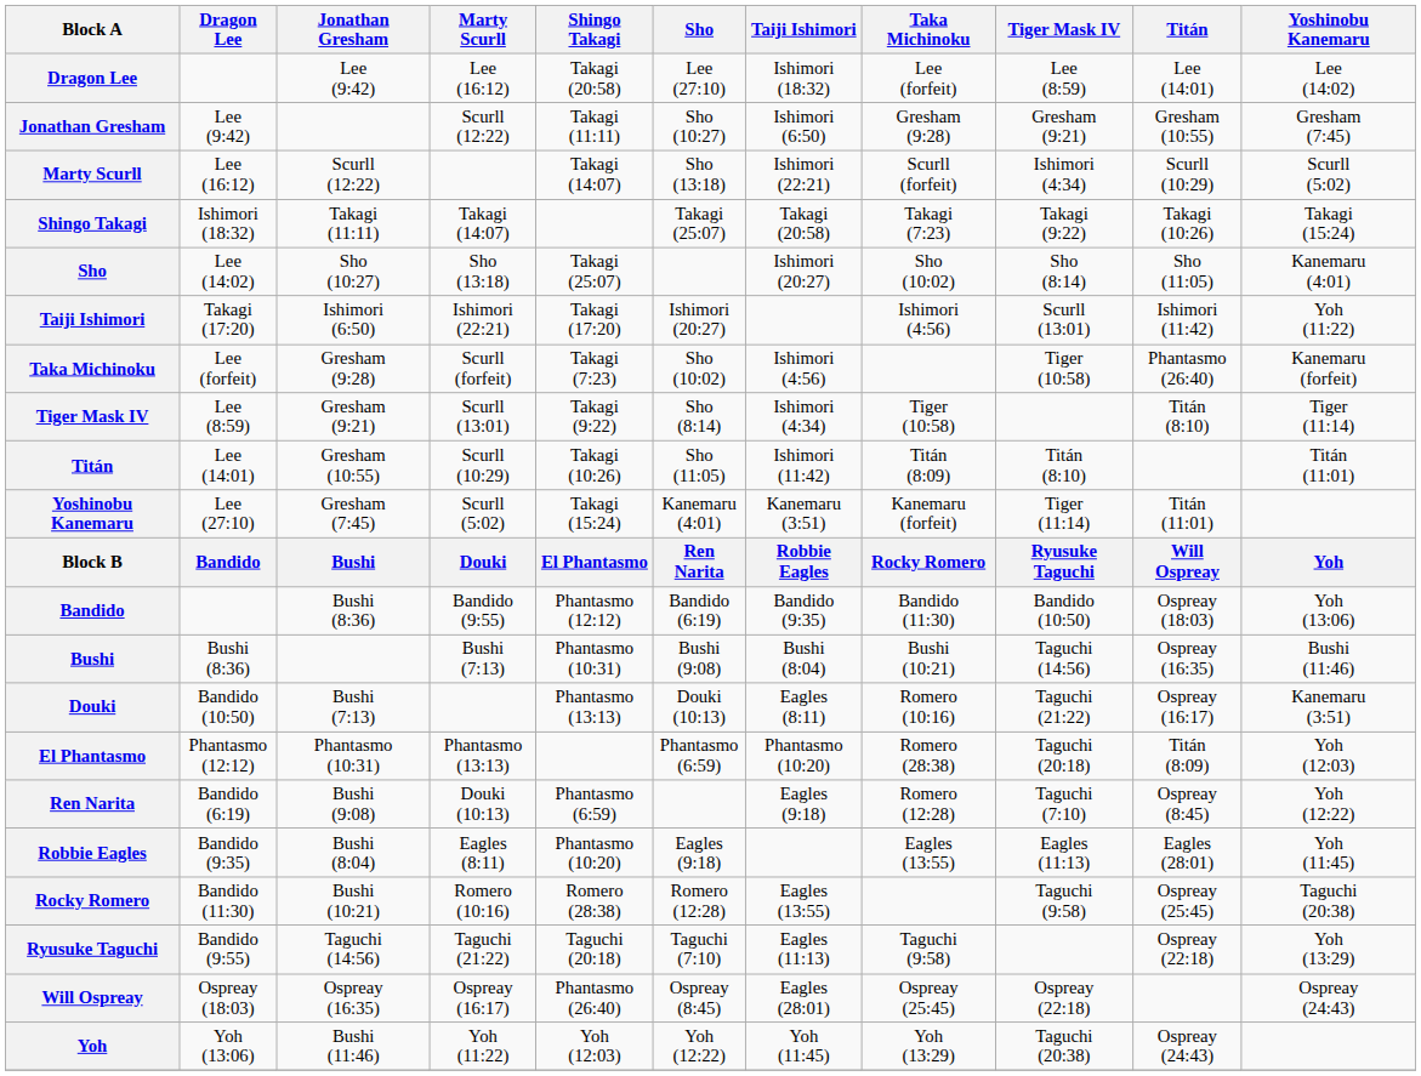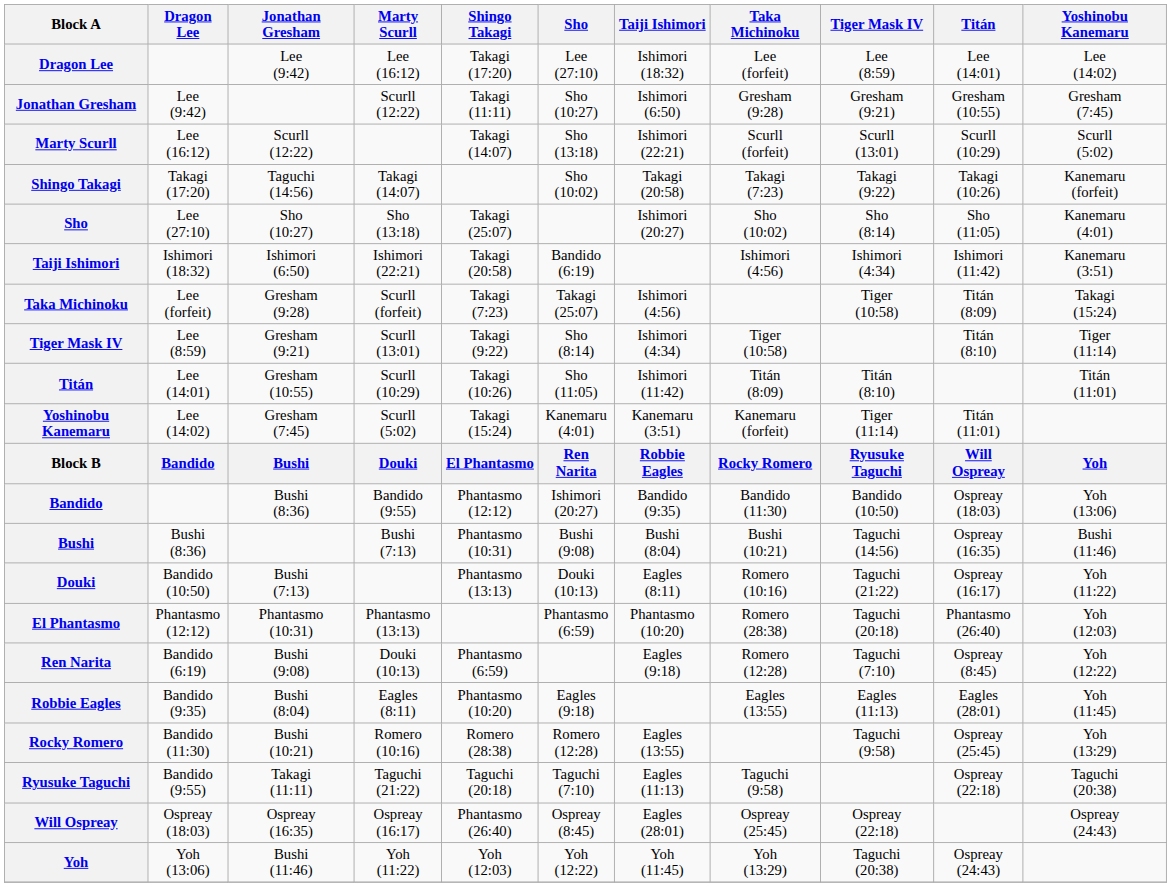 <table class="wikitable" style="margin: 1em auto 1em auto">
 <tr align="center">
 <th>Block A</th>
 <th><a href='#'>Dragon Lee</a></th>
 <th><a href='#'>Jonathan Gresham</a></th>
 <th><a href='#'>Marty Scurll</a></th>
 <th><a href='#'>Shingo Takagi</a></th>
 <th><a href='#'>Sho</a></th>
 <th><a href='#'>Taiji Ishimori</a></th>
 <th><a href='#'>Taka Michinoku</a></th>
 <th><a href='#'>Tiger Mask IV</a></th>
 <th><a href='#'>Titán</a></th>
 <th><a href='#'>Yoshinobu Kanemaru</a></th>
 </tr>
 <tr align="center">
 <th><a href='#'>Dragon Lee</a></th>
 <td></td>
 <td>Lee<br>(9:42)</td>
 <td>Lee<br>(16:12)</td>
-<td>Takagi<br>(20:58)</td>
+<td>Takagi<br>(17:20)</td>
 <td>Lee<br>(27:10)</td>
 <td>Ishimori<br>(18:32)</td>
 <td>Lee<br>(forfeit)</td>
 <td>Lee<br>(8:59)</td>
 <td>Lee<br>(14:01)</td>
 <td>Lee<br>(14:02)</td>
 </tr>
 <tr align="center">
 <th><a href='#'>Jonathan Gresham</a></th>
 <td>Lee<br>(9:42)</td>
 <td></td>
 <td>Scurll<br>(12:22)</td>
 <td>Takagi<br>(11:11)</td>
 <td>Sho<br>(10:27)</td>
 <td>Ishimori<br>(6:50)</td>
 <td>Gresham<br>(9:28)</td>
 <td>Gresham<br>(9:21)</td>
 <td>Gresham<br>(10:55)</td>
 <td>Gresham<br>(7:45)</td>
 </tr>
 <tr align="center">
 <th><a href='#'>Marty Scurll</a></th>
 <td>Lee<br>(16:12)</td>
 <td>Scurll<br>(12:22)</td>
 <td></td>
 <td>Takagi<br>(14:07)</td>
 <td>Sho<br>(13:18)</td>
 <td>Ishimori<br>(22:21)</td>
 <td>Scurll<br>(forfeit) </td>
-<td>Ishimori<br>(4:34)</td>
+<td>Scurll<br>(13:01)</td>
 <td>Scurll<br>(10:29)</td>
 <td>Scurll<br>(5:02)</td>
 </tr>
 <tr align="center">
 <th><a href='#'>Shingo Takagi</a></th>
-<td>Ishimori<br>(18:32)</td>
-<td>Takagi<br>(11:11)</td>
+<td>Takagi<br>(17:20)</td>
+<td>Taguchi<br>(14:56)</td>
 <td>Takagi<br>(14:07)</td>
 <td></td>
-<td>Takagi<br>(25:07)</td>
+<td>Sho<br>(10:02)</td>
 <td>Takagi<br>(20:58)</td>
 <td>Takagi<br>(7:23)</td>
 <td>Takagi<br>(9:22)</td>
 <td>Takagi<br>(10:26)</td>
-<td>Takagi<br>(15:24)</td>
+<td>Kanemaru<br>(forfeit) </td>
 </tr>
 <tr align="center">
 <th><a href='#'>Sho</a></th>
-<td>Lee<br>(14:02)</td>
+<td>Lee<br>(27:10)</td>
 <td>Sho<br>(10:27)</td>
 <td>Sho<br>(13:18)</td>
 <td>Takagi<br>(25:07)</td>
 <td></td>
 <td>Ishimori<br>(20:27)</td>
 <td>Sho<br>(10:02)</td>
 <td>Sho<br>(8:14)</td>
 <td>Sho<br>(11:05)</td>
 <td>Kanemaru<br>(4:01)</td>
 </tr>
 <tr align="center">
 <th><a href='#'>Taiji Ishimori</a></th>
-<td>Takagi<br>(17:20)</td>
+<td>Ishimori<br>(18:32)</td>
 <td>Ishimori<br>(6:50)</td>
 <td>Ishimori<br>(22:21)</td>
-<td>Takagi<br>(17:20)</td>
-<td>Ishimori<br>(20:27)</td>
+<td>Takagi<br>(20:58)</td>
+<td>Bandido<br>(6:19)</td>
 <td></td>
 <td>Ishimori<br>(4:56)</td>
-<td>Scurll<br>(13:01)</td>
+<td>Ishimori<br>(4:34)</td>
 <td>Ishimori<br>(11:42)</td>
-<td>Yoh<br>(11:22)</td>
+<td>Kanemaru<br>(3:51)</td>
 </tr>
 <tr align="center">
 <th><a href='#'>Taka Michinoku</a></th>
 <td>Lee<br>(forfeit)</td>
 <td>Gresham<br>(9:28)</td>
 <td>Scurll<br>(forfeit)</td>
 <td>Takagi<br>(7:23)</td>
-<td>Sho<br>(10:02)</td>
+<td>Takagi<br>(25:07)</td>
 <td>Ishimori<br>(4:56)</td>
 <td></td>
 <td>Tiger<br>(10:58)</td>
-<td>Phantasmo<br>(26:40)</td>
-<td>Kanemaru<br>(forfeit) </td>
+<td>Titán<br>(8:09)</td>
+<td>Takagi<br>(15:24)</td>
 </tr>
 <tr align="center">
 <th><a href='#'>Tiger Mask IV</a></th>
 <td>Lee<br>(8:59)</td>
 <td>Gresham<br>(9:21)</td>
 <td>Scurll<br>(13:01)</td>
 <td>Takagi<br>(9:22)</td>
 <td>Sho<br>(8:14)</td>
 <td>Ishimori<br>(4:34)</td>
 <td>Tiger<br>(10:58)</td>
 <td></td>
 <td>Titán<br>(8:10)</td>
 <td>Tiger<br>(11:14)</td>
 </tr>
 <tr align="center">
 <th><a href='#'>Titán</a></th>
 <td>Lee<br>(14:01)</td>
 <td>Gresham<br>(10:55)</td>
 <td>Scurll<br>(10:29)</td>
 <td>Takagi<br>(10:26)</td>
 <td>Sho<br>(11:05)</td>
 <td>Ishimori<br>(11:42)</td>
 <td>Titán<br>(8:09)</td>
 <td>Titán<br>(8:10)</td>
 <td></td>
 <td>Titán<br>(11:01)</td>
 </tr>
 <tr align="center">
 <th><a href='#'>Yoshinobu Kanemaru</a></th>
-<td>Lee<br>(27:10)</td>
+<td>Lee<br>(14:02)</td>
 <td>Gresham<br>(7:45)</td>
 <td>Scurll<br>(5:02)</td>
 <td>Takagi<br>(15:24)</td>
 <td>Kanemaru<br>(4:01)</td>
 <td>Kanemaru<br>(3:51)</td>
 <td>Kanemaru<br>(forfeit) </td>
 <td>Tiger<br>(11:14)</td>
 <td>Titán<br>(11:01)</td>
 <td></td>
 </tr>
 <tr align="center">
 <th>Block B</th>
 <th><a href='#'>Bandido</a></th>
 <th><a href='#'>Bushi</a></th>
 <th><a href='#'>Douki</a></th>
 <th><a href='#'>El Phantasmo</a></th>
 <th><a href='#'>Ren Narita</a></th>
 <th><a href='#'>Robbie Eagles</a></th>
 <th><a href='#'>Rocky Romero</a></th>
 <th><a href='#'>Ryusuke Taguchi</a></th>
 <th><a href='#'>Will Ospreay</a></th>
 <th><a href='#'>Yoh</a></th>
 </tr>
 <tr align="center">
 <th><a href='#'>Bandido</a></th>
 <td></td>
 <td>Bushi<br>(8:36)</td>
 <td>Bandido<br>(9:55)</td>
 <td>Phantasmo<br>(12:12)</td>
-<td>Bandido<br>(6:19)</td>
+<td>Ishimori<br>(20:27)</td>
 <td>Bandido<br>(9:35)</td>
 <td>Bandido<br>(11:30)</td>
 <td>Bandido<br>(10:50)</td>
 <td>Ospreay<br>(18:03)</td>
 <td>Yoh<br>(13:06)</td>
 </tr>
 <tr align="center">
 <th><a href='#'>Bushi</a></th>
 <td>Bushi<br>(8:36)</td>
 <td></td>
 <td>Bushi<br>(7:13)</td>
 <td>Phantasmo<br>(10:31)</td>
 <td>Bushi<br>(9:08)</td>
 <td>Bushi<br>(8:04)</td>
 <td>Bushi<br>(10:21)</td>
 <td>Taguchi<br>(14:56)</td>
 <td>Ospreay<br>(16:35)</td>
 <td>Bushi<br>(11:46)</td>
 </tr>
 <tr align="center">
 <th><a href='#'>Douki</a></th>
 <td>Bandido<br>(10:50)</td>
 <td>Bushi<br>(7:13)</td>
 <td></td>
 <td>Phantasmo<br>(13:13)</td>
 <td>Douki<br>(10:13)</td>
 <td>Eagles<br>(8:11)</td>
 <td>Romero<br>(10:16)</td>
 <td>Taguchi<br>(21:22)</td>
 <td>Ospreay<br>(16:17)</td>
-<td>Kanemaru<br>(3:51)</td>
+<td>Yoh<br>(11:22)</td>
 </tr>
 <tr align="center">
 <th><a href='#'>El Phantasmo</a></th>
 <td>Phantasmo<br>(12:12)</td>
 <td>Phantasmo<br>(10:31)</td>
 <td>Phantasmo<br>(13:13)</td>
 <td></td>
 <td>Phantasmo<br>(6:59)</td>
 <td>Phantasmo<br>(10:20)</td>
 <td>Romero<br>(28:38)</td>
 <td>Taguchi<br>(20:18)</td>
-<td>Titán<br>(8:09)</td>
+<td>Phantasmo<br>(26:40)</td>
 <td>Yoh<br>(12:03)</td>
 </tr>
 <tr align="center">
 <th><a href='#'>Ren Narita</a></th>
 <td>Bandido<br>(6:19)</td>
 <td>Bushi<br>(9:08)</td>
 <td>Douki<br>(10:13)</td>
 <td>Phantasmo<br>(6:59)</td>
 <td></td>
 <td>Eagles<br>(9:18)</td>
 <td>Romero<br>(12:28)</td>
 <td>Taguchi<br>(7:10)</td>
 <td>Ospreay<br>(8:45)</td>
 <td>Yoh<br>(12:22)</td>
 </tr>
 <tr align="center">
 <th><a href='#'>Robbie Eagles</a></th>
 <td>Bandido<br>(9:35)</td>
 <td>Bushi<br>(8:04)</td>
 <td>Eagles<br>(8:11)</td>
 <td>Phantasmo<br>(10:20)</td>
 <td>Eagles<br>(9:18)</td>
 <td></td>
 <td>Eagles<br>(13:55)</td>
 <td>Eagles<br>(11:13)</td>
 <td>Eagles<br>(28:01)</td>
 <td>Yoh<br>(11:45)</td>
 </tr>
 <tr align="center">
 <th><a href='#'>Rocky Romero</a></th>
 <td>Bandido<br>(11:30)</td>
 <td>Bushi<br>(10:21)</td>
 <td>Romero<br>(10:16)</td>
 <td>Romero<br>(28:38)</td>
 <td>Romero<br>(12:28)</td>
 <td>Eagles<br>(13:55)</td>
 <td></td>
 <td>Taguchi<br>(9:58)</td>
 <td>Ospreay<br>(25:45)</td>
-<td>Taguchi<br>(20:38)</td>
+<td>Yoh<br>(13:29)</td>
 </tr>
 <tr align="center">
 <th><a href='#'>Ryusuke Taguchi</a></th>
 <td>Bandido<br>(9:55)</td>
-<td>Taguchi<br>(14:56)</td>
+<td>Takagi<br>(11:11)</td>
 <td>Taguchi<br>(21:22)</td>
 <td>Taguchi<br>(20:18)</td>
 <td>Taguchi<br>(7:10)</td>
 <td>Eagles<br>(11:13)</td>
 <td>Taguchi<br>(9:58)</td>
 <td></td>
 <td>Ospreay<br>(22:18)</td>
-<td>Yoh<br>(13:29)</td>
+<td>Taguchi<br>(20:38)</td>
 </tr>
 <tr align="center">
 <th><a href='#'>Will Ospreay</a></th>
 <td>Ospreay<br>(18:03)</td>
 <td>Ospreay<br>(16:35)</td>
 <td>Ospreay<br>(16:17)</td>
 <td>Phantasmo<br>(26:40)</td>
 <td>Ospreay<br>(8:45)</td>
 <td>Eagles<br>(28:01)</td>
 <td>Ospreay<br>(25:45)</td>
 <td>Ospreay<br>(22:18)</td>
 <td></td>
 <td>Ospreay<br>(24:43)</td>
 </tr>
 <tr align="center">
 <th><a href='#'>Yoh</a></th>
 <td>Yoh<br>(13:06)</td>
 <td>Bushi<br>(11:46)</td>
 <td>Yoh<br>(11:22)</td>
 <td>Yoh<br>(12:03)</td>
 <td>Yoh<br>(12:22)</td>
 <td>Yoh<br>(11:45)</td>
 <td>Yoh<br>(13:29)</td>
 <td>Taguchi<br>(20:38)</td>
 <td>Ospreay<br>(24:43)</td>
 <td></td>
 </tr>
 <tr align="center">
 </tr>
 </table>
